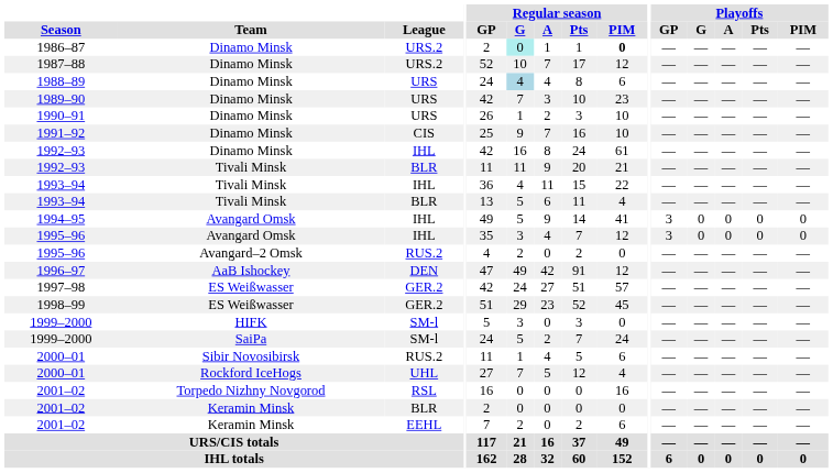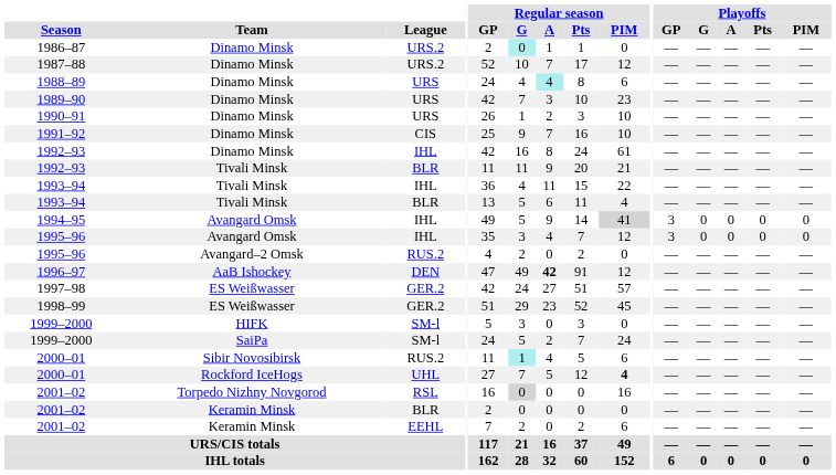 <table border="0" cellpadding="1" cellspacing="0" style="text-align:center; width:60em">
 <tr bgcolor="#e0e0e0">
 <th colspan="3" bgcolor="#ffffff"></th>
 <th rowspan="99" bgcolor="#ffffff"></th>
 <th colspan="5"><a href='#'>Regular season</a></th>
 <th rowspan="99" bgcolor="#ffffff"></th>
 <th colspan="5"><a href='#'>Playoffs</a></th>
 </tr>
 <tr bgcolor="#e0e0e0">
 <th><a href='#'>Season</a></th>
 <th>Team</th>
 <th>League</th>
 <th>GP</th>
 <th><a href='#'>G</a></th>
 <th><a href='#'>A</a></th>
 <th><a href='#'>Pts</a></th>
 <th><a href='#'>PIM</a></th>
 <th>GP</th>
 <th>G</th>
 <th>A</th>
 <th>Pts</th>
 <th>PIM</th>
 </tr>
 <tr>
 <td>1986–87</td>
 <td><a href='#'>Dinamo Minsk</a></td>
 <td><a href='#'>URS.2</a></td>
 <td>2</td>
 <td style="background: paleturquoise;">0</td>
 <td>1</td>
 <td>1</td>
-<td><strong>0</strong></td>
+<td>0</td>
 <td>—</td>
 <td>—</td>
 <td>—</td>
 <td>—</td>
 <td>—</td>
 </tr>
 <tr bgcolor="#f0f0f0">
 <td>1987–88</td>
 <td>Dinamo Minsk</td>
 <td>URS.2</td>
 <td>52</td>
 <td>10</td>
 <td>7</td>
 <td>17</td>
 <td>12</td>
 <td>—</td>
 <td>—</td>
 <td>—</td>
 <td>—</td>
 <td>—</td>
 </tr>
 <tr>
 <td><a href='#'>1988–89</a></td>
 <td>Dinamo Minsk</td>
 <td><a href='#'>URS</a></td>
 <td>24</td>
-<td style="background: lightblue;">4</td>
 <td>4</td>
+<td style="background: paleturquoise;">4</td>
 <td>8</td>
 <td>6</td>
 <td>—</td>
 <td>—</td>
 <td>—</td>
 <td>—</td>
 <td>—</td>
 </tr>
 <tr bgcolor="#f0f0f0">
 <td><a href='#'>1989–90</a></td>
 <td>Dinamo Minsk</td>
 <td>URS</td>
 <td>42</td>
 <td>7</td>
 <td>3</td>
 <td>10</td>
 <td>23</td>
 <td>—</td>
 <td>—</td>
 <td>—</td>
 <td>—</td>
 <td>—</td>
 </tr>
 <tr>
 <td><a href='#'>1990–91</a></td>
 <td>Dinamo Minsk</td>
 <td>URS</td>
 <td>26</td>
 <td>1</td>
 <td>2</td>
 <td>3</td>
 <td>10</td>
 <td>—</td>
 <td>—</td>
 <td>—</td>
 <td>—</td>
 <td>—</td>
 </tr>
 <tr bgcolor="#f0f0f0">
 <td><a href='#'>1991–92</a></td>
 <td>Dinamo Minsk</td>
 <td>CIS</td>
 <td>25</td>
 <td>9</td>
 <td>7</td>
 <td>16</td>
 <td>10</td>
 <td>—</td>
 <td>—</td>
 <td>—</td>
 <td>—</td>
 <td>—</td>
 </tr>
 <tr>
 <td><a href='#'>1992–93</a></td>
 <td>Dinamo Minsk</td>
 <td><a href='#'>IHL</a></td>
 <td>42</td>
 <td>16</td>
 <td>8</td>
 <td>24</td>
 <td>61</td>
 <td>—</td>
 <td>—</td>
 <td>—</td>
 <td>—</td>
 <td>—</td>
 </tr>
 <tr bgcolor="#f0f0f0">
 <td><a href='#'>1992–93</a></td>
 <td>Tivali Minsk</td>
 <td><a href='#'>BLR</a></td>
 <td>11</td>
 <td>11</td>
 <td>9</td>
 <td>20</td>
 <td>21</td>
 <td>—</td>
 <td>—</td>
 <td>—</td>
 <td>—</td>
 <td>—</td>
 </tr>
 <tr>
 <td><a href='#'>1993–94</a></td>
 <td>Tivali Minsk</td>
 <td>IHL</td>
 <td>36</td>
 <td>4</td>
 <td>11</td>
 <td>15</td>
 <td>22</td>
 <td>—</td>
 <td>—</td>
 <td>—</td>
 <td>—</td>
 <td>—</td>
 </tr>
 <tr bgcolor="#f0f0f0">
 <td><a href='#'>1993–94</a></td>
 <td>Tivali Minsk</td>
 <td>BLR</td>
 <td>13</td>
 <td>5</td>
 <td>6</td>
 <td>11</td>
 <td>4</td>
 <td>—</td>
 <td>—</td>
 <td>—</td>
 <td>—</td>
 <td>—</td>
 </tr>
 <tr>
 <td><a href='#'>1994–95</a></td>
 <td><a href='#'>Avangard Omsk</a></td>
 <td>IHL</td>
 <td>49</td>
 <td>5</td>
 <td>9</td>
 <td>14</td>
-<td>41</td>
+<td style="background: lightgrey;">41</td>
 <td>3</td>
 <td>0</td>
 <td>0</td>
 <td>0</td>
 <td>0</td>
 </tr>
 <tr bgcolor="#f0f0f0">
 <td><a href='#'>1995–96</a></td>
 <td>Avangard Omsk</td>
 <td>IHL</td>
 <td>35</td>
 <td>3</td>
 <td>4</td>
 <td>7</td>
 <td>12</td>
 <td>3</td>
 <td>0</td>
 <td>0</td>
 <td>0</td>
 <td>0</td>
 </tr>
 <tr>
 <td><a href='#'>1995–96</a></td>
 <td>Avangard–2 Omsk</td>
 <td><a href='#'>RUS.2</a></td>
 <td>4</td>
 <td>2</td>
 <td>0</td>
 <td>2</td>
 <td>0</td>
 <td>—</td>
 <td>—</td>
 <td>—</td>
 <td>—</td>
 <td>—</td>
 </tr>
 <tr bgcolor="#f0f0f0">
 <td><a href='#'>1996–97</a></td>
 <td><a href='#'>AaB Ishockey</a></td>
 <td><a href='#'>DEN</a></td>
 <td>47</td>
 <td>49</td>
-<td>42</td>
+<td><strong>42</strong></td>
 <td>91</td>
 <td>12</td>
 <td>—</td>
 <td>—</td>
 <td>—</td>
 <td>—</td>
 <td>—</td>
 </tr>
 <tr>
 <td>1997–98</td>
 <td><a href='#'>ES Weißwasser</a></td>
 <td><a href='#'>GER.2</a></td>
 <td>42</td>
 <td>24</td>
 <td>27</td>
 <td>51</td>
 <td>57</td>
 <td>—</td>
 <td>—</td>
 <td>—</td>
 <td>—</td>
 <td>—</td>
 </tr>
 <tr bgcolor="#f0f0f0">
 <td>1998–99</td>
 <td>ES Weißwasser</td>
 <td>GER.2</td>
 <td>51</td>
 <td>29</td>
 <td>23</td>
 <td>52</td>
 <td>45</td>
 <td>—</td>
 <td>—</td>
 <td>—</td>
 <td>—</td>
 <td>—</td>
 </tr>
 <tr>
 <td><a href='#'>1999–2000</a></td>
 <td><a href='#'>HIFK</a></td>
 <td><a href='#'>SM-l</a></td>
 <td>5</td>
 <td>3</td>
 <td>0</td>
 <td>3</td>
 <td>0</td>
 <td>—</td>
 <td>—</td>
 <td>—</td>
 <td>—</td>
 <td>—</td>
 </tr>
 <tr bgcolor="#f0f0f0">
 <td>1999–2000</td>
 <td><a href='#'>SaiPa</a></td>
 <td>SM-l</td>
 <td>24</td>
 <td>5</td>
 <td>2</td>
 <td>7</td>
 <td>24</td>
 <td>—</td>
 <td>—</td>
 <td>—</td>
 <td>—</td>
 <td>—</td>
 </tr>
 <tr>
 <td><a href='#'>2000–01</a></td>
 <td><a href='#'>Sibir Novosibirsk</a></td>
 <td>RUS.2</td>
 <td>11</td>
-<td>1</td>
+<td style="background: paleturquoise;">1</td>
 <td>4</td>
 <td>5</td>
 <td>6</td>
 <td>—</td>
 <td>—</td>
 <td>—</td>
 <td>—</td>
 <td>—</td>
 </tr>
 <tr bgcolor="#f0f0f0">
 <td><a href='#'>2000–01</a></td>
 <td><a href='#'>Rockford IceHogs</a></td>
 <td><a href='#'>UHL</a></td>
 <td>27</td>
 <td>7</td>
 <td>5</td>
 <td>12</td>
-<td>4</td>
+<td><strong>4</strong></td>
 <td>—</td>
 <td>—</td>
 <td>—</td>
 <td>—</td>
 <td>—</td>
 </tr>
 <tr>
 <td><a href='#'>2001–02</a></td>
 <td><a href='#'>Torpedo Nizhny Novgorod</a></td>
 <td><a href='#'>RSL</a></td>
 <td>16</td>
-<td>0</td>
+<td style="background: lightgrey;">0</td>
 <td>0</td>
 <td>0</td>
 <td>16</td>
 <td>—</td>
 <td>—</td>
 <td>—</td>
 <td>—</td>
 <td>—</td>
 </tr>
 <tr bgcolor="#f0f0f0">
 <td><a href='#'>2001–02</a></td>
 <td><a href='#'>Keramin Minsk</a></td>
 <td>BLR</td>
 <td>2</td>
 <td>0</td>
 <td>0</td>
 <td>0</td>
 <td>0</td>
 <td>—</td>
 <td>—</td>
 <td>—</td>
 <td>—</td>
 <td>—</td>
 </tr>
 <tr>
 <td><a href='#'>2001–02</a></td>
 <td>Keramin Minsk</td>
 <td><a href='#'>EEHL</a></td>
 <td>7</td>
 <td>2</td>
 <td>0</td>
 <td>2</td>
 <td>6</td>
 <td>—</td>
 <td>—</td>
 <td>—</td>
 <td>—</td>
 <td>—</td>
 </tr>
 <tr bgcolor="#e0e0e0">
 <th colspan="3">URS/CIS totals</th>
 <th>117</th>
 <th>21</th>
 <th>16</th>
 <th>37</th>
 <th>49</th>
 <th>—</th>
 <th>—</th>
 <th>—</th>
 <th>—</th>
 <th>—</th>
 </tr>
 <tr bgcolor="#e0e0e0">
 <th colspan="3">IHL totals</th>
 <th>162</th>
 <th>28</th>
 <th>32</th>
 <th>60</th>
 <th>152</th>
 <th>6</th>
 <th>0</th>
 <th>0</th>
 <th>0</th>
 <th>0</th>
 </tr>
 </table>
